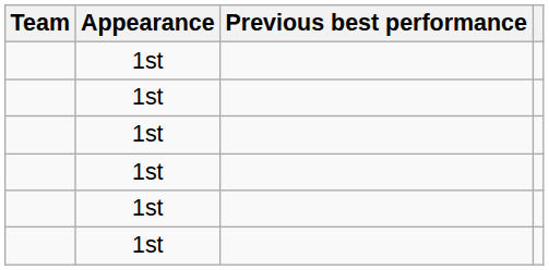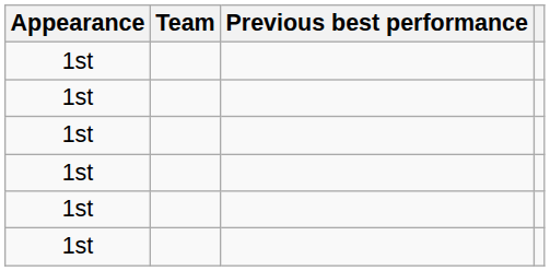 <table class="wikitable sortable">
 <tr>
+<th data-sort-type="number">Appearance</th>
 <th>Team</th>
-<th data-sort-type="number">Appearance</th>
 <th>Previous best performance</th>
 <th></th>
 </tr>
 <tr>
+<td style="text-align:center">1st</td>
 <td></td>
-<td style="text-align:center">1st</td>
 <td></td>
 <td></td>
 </tr>
 <tr>
+<td style="text-align:center">1st</td>
 <td></td>
-<td style="text-align:center">1st</td>
 <td></td>
 <td></td>
 </tr>
 <tr>
+<td style="text-align:center">1st</td>
 <td></td>
-<td style="text-align:center">1st</td>
 <td></td>
 <td></td>
 </tr>
 <tr>
+<td style="text-align:center">1st</td>
 <td></td>
-<td style="text-align:center">1st</td>
 <td></td>
 <td></td>
 </tr>
 <tr>
+<td style="text-align:center">1st</td>
 <td></td>
-<td style="text-align:center">1st</td>
 <td></td>
 <td></td>
 </tr>
 <tr>
+<td style="text-align:center">1st</td>
 <td></td>
-<td style="text-align:center">1st</td>
 <td></td>
 <td></td>
 </tr>
 </table>
